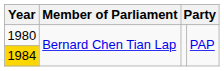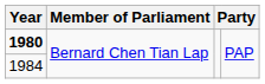 <table class="wikitable">
 <tr>
 <th>Year</th>
 <th>Member of Parliament</th>
 <th colspan="2">Party</th>
 </tr>
 <tr>
-<td>1980</td>
+<td><strong>1980</strong></td>
 <td rowspan="2"><a href='#'>Bernard Chen Tian Lap</a></td>
 <td rowspan="2"></td>
 <td rowspan="2"><a href='#'>PAP</a></td>
 </tr>
 <tr>
-<td style="background: gold;">1984</td>
+<td>1984</td>
 </tr>
 </table>
